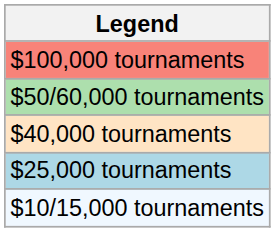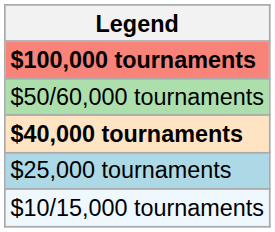 <table class="wikitable" style="font-size:85%">
 <tr>
 <th>Legend</th>
 </tr>
 <tr style="background:#f88379;">
-<td>$100,000 tournaments</td>
+<td><strong>$100,000 tournaments</strong></td>
 </tr>
 <tr style="background:#addfad;">
 <td>$50/60,000 tournaments</td>
 </tr>
 <tr style="background:#ffe4c4;">
-<td>$40,000 tournaments</td>
+<td><strong>$40,000 tournaments</strong></td>
 </tr>
 <tr style="background:lightblue;">
 <td>$25,000 tournaments</td>
 </tr>
 <tr style="background:#f0f8ff;">
 <td>$10/15,000 tournaments</td>
 </tr>
 </table>
